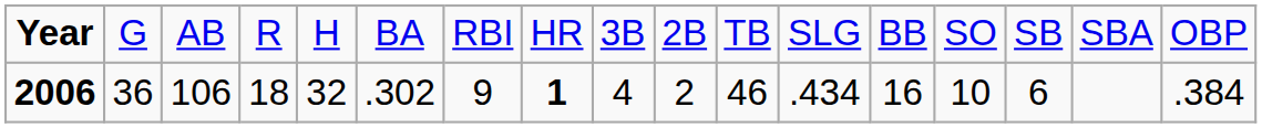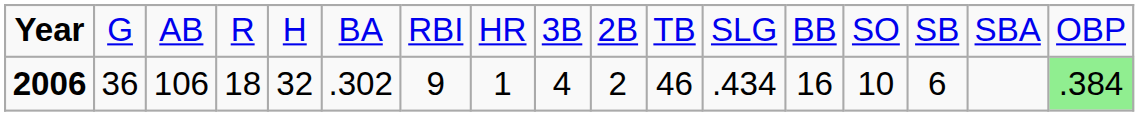 <table class="sortable wikitable">
 <tr align=center>
 <td><strong>Year</strong></td>
 <td><a href='#'>G</a></td>
 <td><a href='#'>AB</a></td>
 <td><a href='#'>R</a></td>
 <td><a href='#'>H</a></td>
 <td><a href='#'>BA</a></td>
 <td><a href='#'>RBI</a></td>
 <td><a href='#'>HR</a></td>
 <td><a href='#'>3B</a></td>
 <td><a href='#'>2B</a></td>
 <td><a href='#'>TB</a></td>
 <td><a href='#'>SLG</a></td>
 <td><a href='#'>BB</a></td>
 <td><a href='#'>SO</a></td>
 <td><a href='#'>SB</a></td>
 <td><a href='#'>SBA</a></td>
 <td><a href='#'>OBP</a></td>
 </tr>
 <tr align=center>
 <td><strong>2006</strong></td>
 <td>36</td>
 <td>106</td>
 <td>18</td>
 <td>32</td>
 <td>.302</td>
 <td>9</td>
-<td><strong>1</strong></td>
+<td>1</td>
 <td>4</td>
 <td>2</td>
 <td>46</td>
 <td>.434</td>
 <td>16</td>
 <td>10</td>
 <td>6</td>
 <td></td>
-<td>.384</td>
+<td style="background: lightgreen;">.384</td>
 </tr>
 </table>
